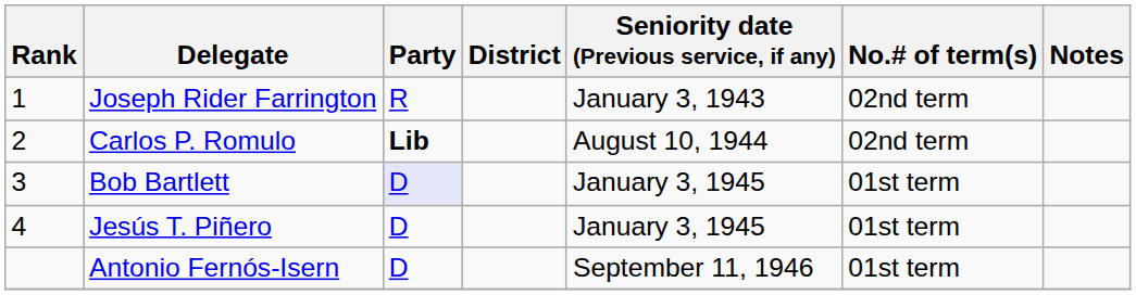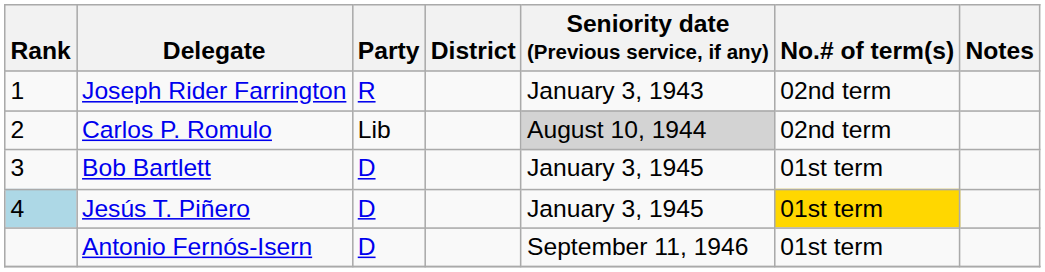 <table class="wikitable sortable">
 <tr valign=bottom>
 <th>Rank</th>
 <th>Delegate</th>
 <th>Party</th>
 <th>District</th>
 <th>Seniority date<br><small>(Previous service, if any)</small><br></th>
 <th>No.# of term(s)</th>
 <th>Notes</th>
 </tr>
 <tr>
 <td>1</td>
 <td><a href='#'>Joseph Rider Farrington</a></td>
 <td><a href='#'>R</a></td>
 <td></td>
 <td>January 3, 1943</td>
 <td>02nd term</td>
 <td></td>
 </tr>
 <tr>
 <td>2</td>
 <td><a href='#'>Carlos P. Romulo</a></td>
-<td><strong>Lib</strong></td>
+<td>Lib</td>
 <td></td>
-<td>August 10, 1944</td>
+<td style="background: lightgrey;">August 10, 1944</td>
 <td>02nd term</td>
 <td></td>
 </tr>
 <tr>
 <td>3</td>
 <td><a href='#'>Bob Bartlett</a></td>
-<td style="background: lavender;"><a href='#'>D</a></td>
+<td><a href='#'>D</a></td>
 <td></td>
 <td>January 3, 1945</td>
 <td>01st term</td>
 <td></td>
 </tr>
 <tr>
-<td>4</td>
+<td style="background: lightblue;">4</td>
 <td><a href='#'>Jesús T. Piñero</a></td>
 <td><a href='#'>D</a></td>
 <td></td>
 <td>January 3, 1945</td>
-<td>01st term</td>
+<td style="background: gold;">01st term</td>
 <td></td>
 </tr>
 <tr>
 <td></td>
 <td><a href='#'>Antonio Fernós-Isern</a></td>
 <td><a href='#'>D</a></td>
 <td></td>
 <td>September 11, 1946</td>
 <td>01st term</td>
 <td></td>
 </tr>
 <tr>
 </tr>
 </table>
